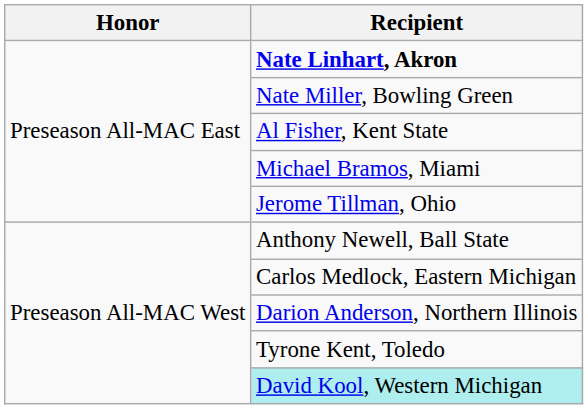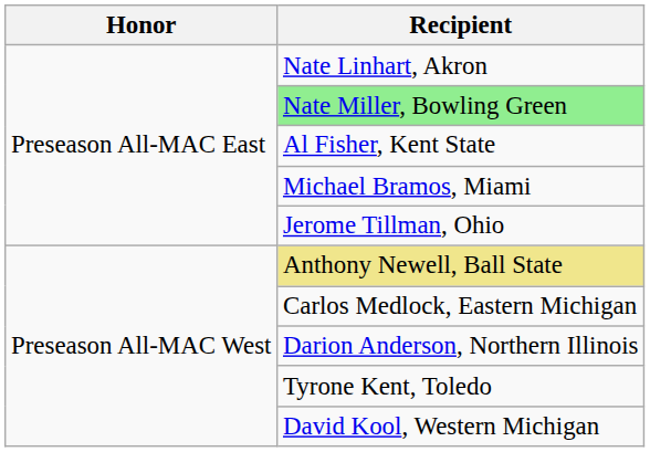 <table class="wikitable" border="1">
 <tr>
 <th>Honor</th>
 <th>Recipient</th>
 </tr>
 <tr>
 <td rowspan=5 valign=middle>Preseason All-MAC East</td>
-<td><strong><a href='#'>Nate Linhart</a>, Akron</strong></td>
+<td><a href='#'>Nate Linhart</a>, Akron</td>
 </tr>
 <tr>
-<td><a href='#'>Nate Miller</a>, Bowling Green</td>
+<td style="background: lightgreen;"><a href='#'>Nate Miller</a>, Bowling Green</td>
 </tr>
 <tr>
 <td><a href='#'>Al Fisher</a>, Kent State</td>
 </tr>
 <tr>
 <td><a href='#'>Michael Bramos</a>, Miami</td>
 </tr>
 <tr>
 <td><a href='#'>Jerome Tillman</a>, Ohio</td>
 </tr>
 <tr>
 <td rowspan=6 valign=middle>Preseason All-MAC West</td>
-<td>Anthony Newell, Ball State</td>
+<td style="background: khaki;">Anthony Newell, Ball State</td>
 </tr>
 <tr>
 <td>Carlos Medlock, Eastern Michigan</td>
 </tr>
 <tr>
 <td><a href='#'>Darion Anderson</a>, Northern Illinois</td>
 </tr>
 <tr>
 <td>Tyrone Kent, Toledo</td>
 </tr>
 <tr>
-<td style="background: paleturquoise;"><a href='#'>David Kool</a>, Western Michigan</td>
+<td><a href='#'>David Kool</a>, Western Michigan</td>
 </tr>
 </table>
